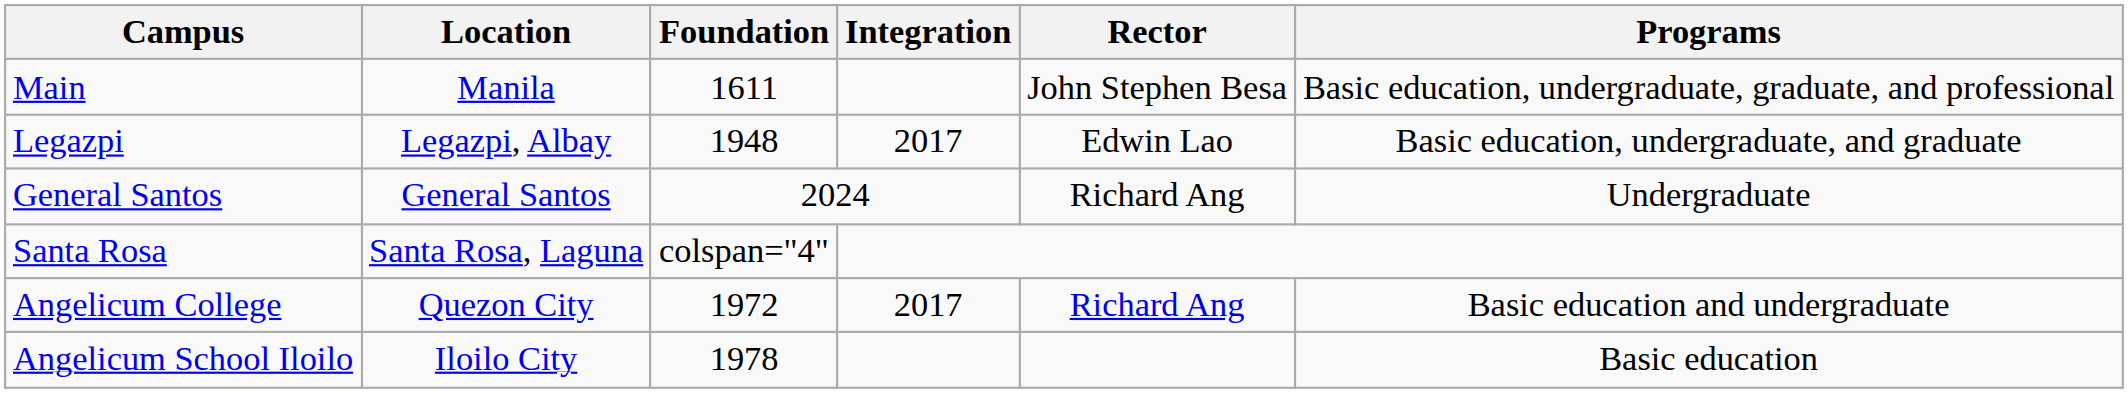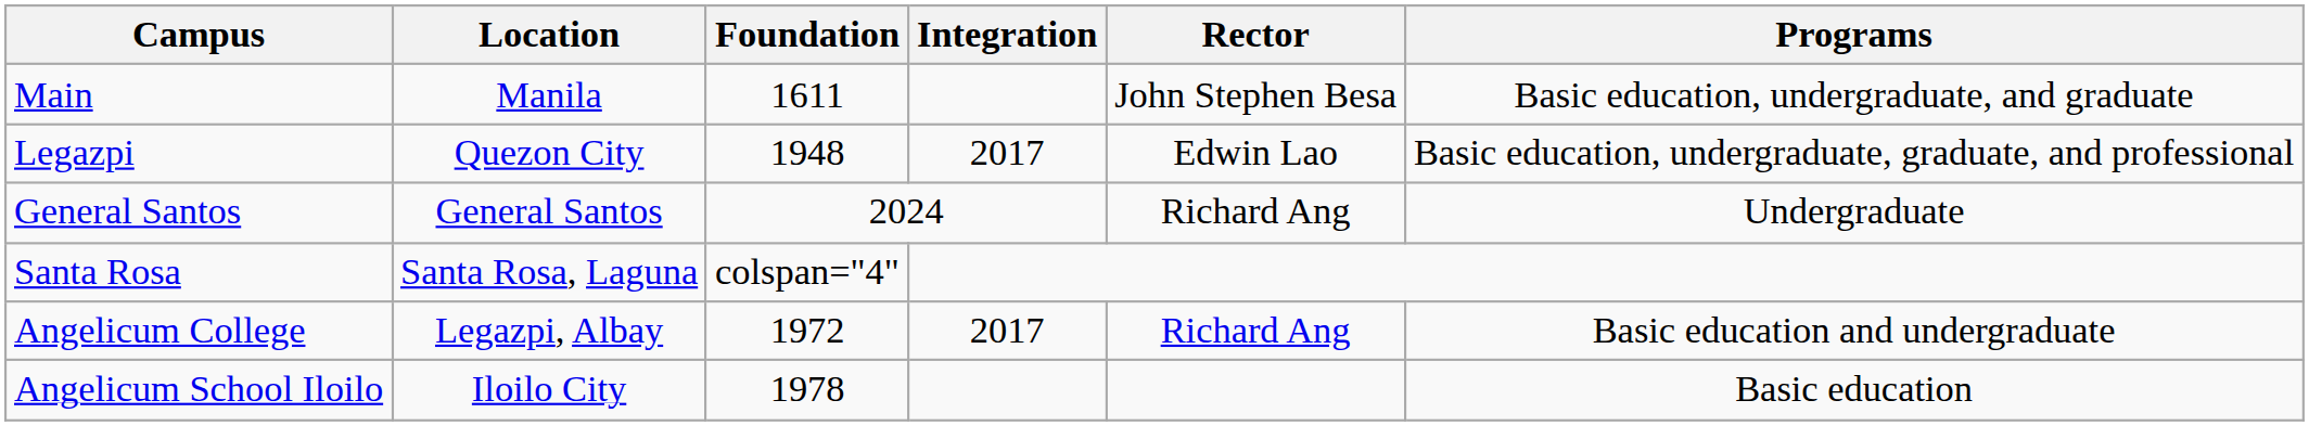 <table class="wikitable">
 <tr>
 <th>Campus</th>
 <th>Location</th>
 <th>Foundation</th>
 <th>Integration</th>
 <th>Rector</th>
 <th>Programs</th>
 </tr>
 <tr>
 <td align="left"><a href='#'>Main</a></td>
 <td align="center"><a href='#'>Manila</a></td>
 <td align="center">1611</td>
 <td></td>
 <td align="center">John Stephen Besa</td>
-<td align="center">Basic education, undergraduate, graduate, and professional</td>
+<td align="center">Basic education, undergraduate, and graduate</td>
 </tr>
 <tr>
 <td align="left"><a href='#'>Legazpi</a></td>
-<td align="center"><a href='#'>Legazpi</a>, <a href='#'>Albay</a></td>
+<td align="center"><a href='#'>Quezon City</a></td>
 <td align="center">1948</td>
 <td align="center">2017</td>
 <td align="center">Edwin Lao</td>
-<td align="center">Basic education, undergraduate, and graduate</td>
+<td align="center">Basic education, undergraduate, graduate, and professional</td>
 </tr>
 <tr>
 <td align="left"><a href='#'>General Santos</a></td>
 <td align="center"><a href='#'>General Santos</a></td>
 <td colspan="2" align="center">2024</td>
 <td align="center">Richard Ang</td>
 <td align="center">Undergraduate</td>
 </tr>
 <tr>
 <td align="left"><a href='#'>Santa Rosa</a></td>
 <td align="center"><a href='#'>Santa Rosa</a>, <a href='#'>Laguna</a></td>
 <td>colspan="4" </td>
 </tr>
 <tr>
 <td align="left"><a href='#'>Angelicum College</a></td>
-<td align="center"><a href='#'>Quezon City</a></td>
+<td align="center"><a href='#'>Legazpi</a>, <a href='#'>Albay</a></td>
 <td align="center">1972</td>
 <td align="center">2017</td>
 <td align="center"><a href='#'>Richard Ang</a></td>
 <td align="center">Basic education and undergraduate</td>
 </tr>
 <tr>
 <td align="left"><a href='#'>Angelicum School Iloilo</a></td>
 <td align="center"><a href='#'>Iloilo City</a></td>
 <td align="center">1978</td>
 <td align="center"></td>
 <td align="center"></td>
 <td align="center">Basic education</td>
 </tr>
 </table>
